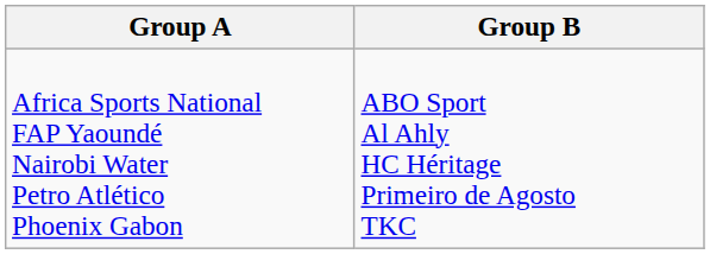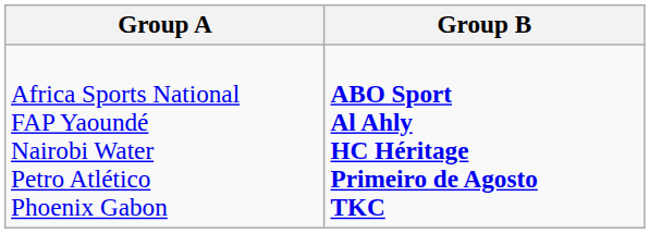 <table class="wikitable">
 <tr>
 <th width=195px>Group A</th>
 <th width=195px>Group B</th>
 </tr>
 <tr>
 <td valign=top><br> <a href='#'>Africa Sports National</a><br>  <a href='#'>FAP Yaoundé</a><br>  <a href='#'>Nairobi Water</a><br>  <a href='#'>Petro Atlético</a><br>  <a href='#'>Phoenix Gabon</a></td>
-<td valign=top><br> <a href='#'>ABO Sport</a><br>  <a href='#'>Al Ahly</a><br>  <a href='#'>HC Héritage</a><br>  <a href='#'>Primeiro de Agosto</a><br>  <a href='#'>TKC</a></td>
+<td valign=top><strong><br> <a href='#'>ABO Sport</a><br>  <a href='#'>Al Ahly</a><br>  <a href='#'>HC Héritage</a><br>  <a href='#'>Primeiro de Agosto</a><br>  <a href='#'>TKC</a></strong></td>
 </tr>
 </table>
